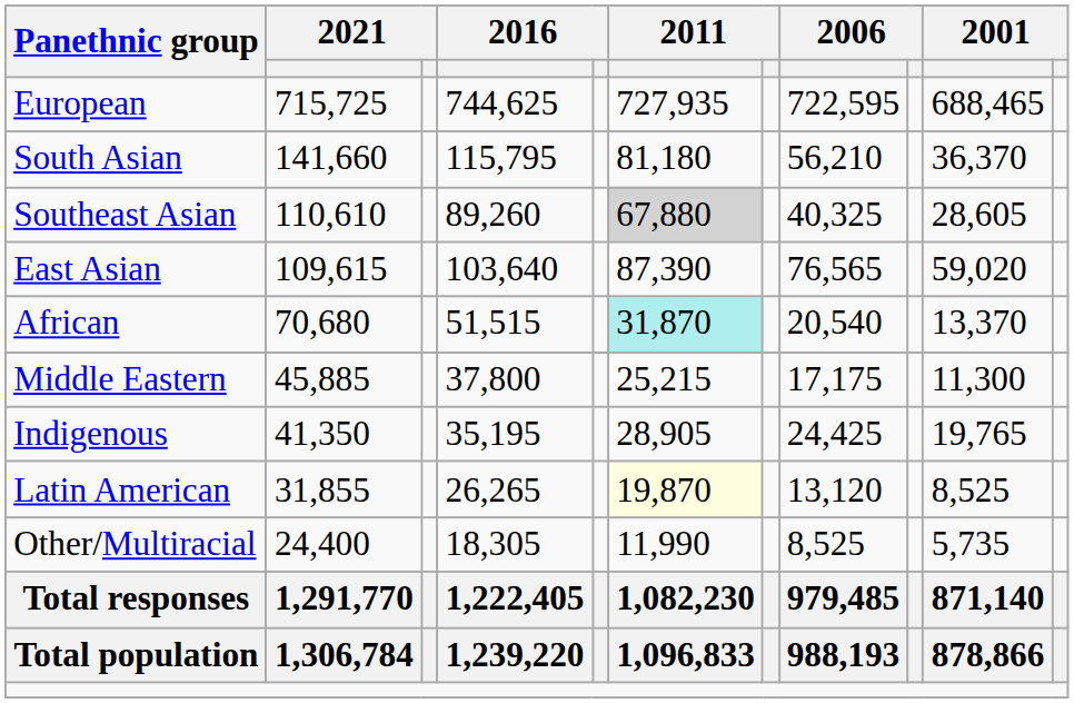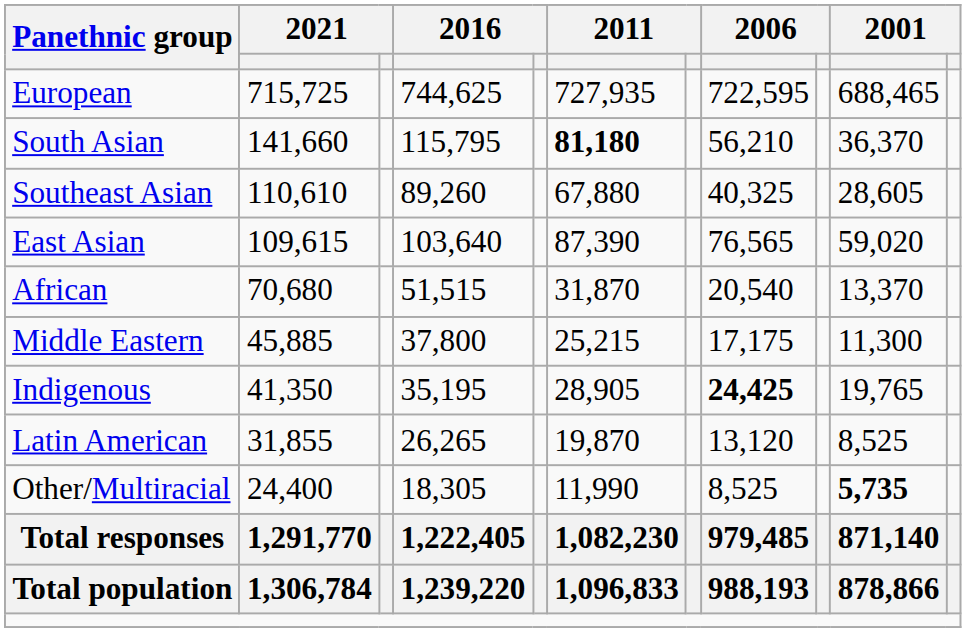 <table class="wikitable collapsible sortable">
 <tr>
 <th rowspan="2"><a href='#'>Panethnic</a> group</th>
 <th colspan="2">2021</th>
 <th colspan="2">2016</th>
 <th colspan="2">2011</th>
 <th colspan="2">2006</th>
 <th colspan="2">2001</th>
 </tr>
 <tr>
 <th><a href='#'></a></th>
 <th></th>
 <th></th>
 <th></th>
 <th></th>
 <th></th>
 <th></th>
 <th></th>
 <th></th>
 <th></th>
 </tr>
 <tr>
 <td><a href='#'>European</a></td>
 <td>715,725</td>
 <td></td>
 <td>744,625</td>
 <td></td>
 <td>727,935</td>
 <td></td>
 <td>722,595</td>
 <td></td>
 <td>688,465</td>
 <td></td>
 </tr>
 <tr>
 <td><a href='#'>South Asian</a></td>
 <td>141,660</td>
 <td></td>
 <td>115,795</td>
 <td></td>
-<td>81,180</td>
+<td><strong>81,180</strong></td>
 <td></td>
 <td>56,210</td>
 <td></td>
 <td>36,370</td>
 <td></td>
 </tr>
 <tr>
 <td><a href='#'>Southeast Asian</a></td>
 <td>110,610</td>
 <td></td>
 <td>89,260</td>
 <td></td>
-<td style="background: lightgrey;">67,880</td>
+<td>67,880</td>
 <td></td>
 <td>40,325</td>
 <td></td>
 <td>28,605</td>
 <td></td>
 </tr>
 <tr>
 <td><a href='#'>East Asian</a></td>
 <td>109,615</td>
 <td></td>
 <td>103,640</td>
 <td></td>
 <td>87,390</td>
 <td></td>
 <td>76,565</td>
 <td></td>
 <td>59,020</td>
 <td></td>
 </tr>
 <tr>
 <td><a href='#'>African</a></td>
 <td>70,680</td>
 <td></td>
 <td>51,515</td>
 <td></td>
-<td style="background: paleturquoise;">31,870</td>
+<td>31,870</td>
 <td></td>
 <td>20,540</td>
 <td></td>
 <td>13,370</td>
 <td></td>
 </tr>
 <tr>
 <td><a href='#'>Middle Eastern</a></td>
 <td>45,885</td>
 <td></td>
 <td>37,800</td>
 <td></td>
 <td>25,215</td>
 <td></td>
 <td>17,175</td>
 <td></td>
 <td>11,300</td>
 <td></td>
 </tr>
 <tr>
 <td><a href='#'>Indigenous</a></td>
 <td>41,350</td>
 <td></td>
 <td>35,195</td>
 <td></td>
 <td>28,905</td>
 <td></td>
-<td>24,425</td>
+<td><strong>24,425</strong></td>
 <td></td>
 <td>19,765</td>
 <td></td>
 </tr>
 <tr>
 <td><a href='#'>Latin American</a></td>
 <td>31,855</td>
 <td></td>
 <td>26,265</td>
 <td></td>
-<td style="background: lightyellow;">19,870</td>
+<td>19,870</td>
 <td></td>
 <td>13,120</td>
 <td></td>
 <td>8,525</td>
 <td></td>
 </tr>
 <tr>
 <td>Other/<a href='#'>Multiracial</a></td>
 <td>24,400</td>
 <td></td>
 <td>18,305</td>
 <td></td>
 <td>11,990</td>
 <td></td>
 <td>8,525</td>
 <td></td>
-<td>5,735</td>
+<td><strong>5,735</strong></td>
 <td></td>
 </tr>
 <tr>
 <th>Total responses</th>
 <th>1,291,770</th>
 <th></th>
 <th>1,222,405</th>
 <th></th>
 <th>1,082,230</th>
 <th></th>
 <th>979,485</th>
 <th></th>
 <th>871,140</th>
 <th></th>
 </tr>
 <tr>
 <th>Total population</th>
 <th>1,306,784</th>
 <th></th>
 <th>1,239,220</th>
 <th></th>
 <th>1,096,833</th>
 <th></th>
 <th>988,193</th>
 <th></th>
 <th>878,866</th>
 <th></th>
 </tr>
 <tr class="sortbottom">
 <td colspan="11"></td>
 </tr>
 </table>
